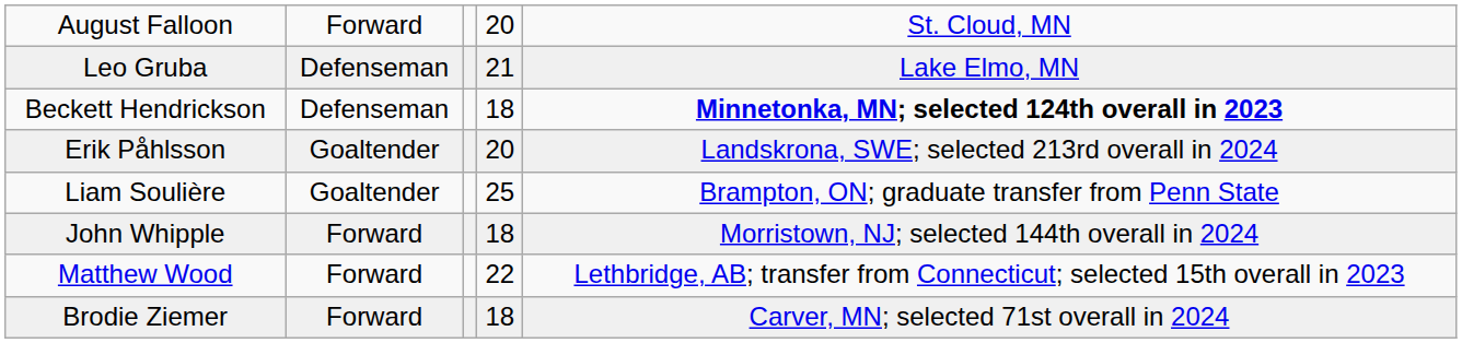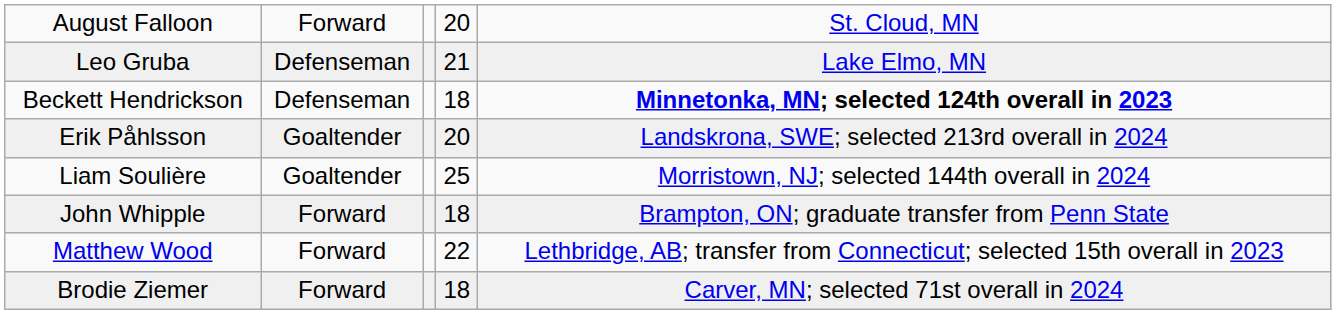 <table class="wikitable" width="70%">
 <tr align="center">
 <td>August Falloon</td>
 <td>Forward</td>
 <td></td>
 <td>20</td>
 <td><a href='#'>St. Cloud, MN</a></td>
 </tr>
 <tr align="center" bgcolor="f0f0f0">
 <td>Leo Gruba</td>
 <td>Defenseman</td>
 <td></td>
 <td>21</td>
 <td><a href='#'>Lake Elmo, MN</a></td>
 </tr>
 <tr align="center" bgcolor="">
 <td>Beckett Hendrickson</td>
 <td>Defenseman</td>
 <td></td>
 <td>18</td>
 <td><strong><a href='#'>Minnetonka, MN</a>; selected 124th overall in <a href='#'>2023</a></strong></td>
 </tr>
 <tr align="center" bgcolor="f0f0f0">
 <td>Erik Påhlsson</td>
 <td>Goaltender</td>
 <td></td>
 <td>20</td>
 <td><a href='#'>Landskrona, SWE</a>; selected 213rd overall in <a href='#'>2024</a></td>
 </tr>
 <tr align="center" bgcolor="">
 <td>Liam Soulière</td>
 <td>Goaltender</td>
 <td></td>
 <td>25</td>
-<td><a href='#'>Brampton, ON</a>; graduate transfer from <a href='#'>Penn State</a></td>
+<td><a href='#'>Morristown, NJ</a>; selected 144th overall in <a href='#'>2024</a></td>
 </tr>
 <tr align="center" bgcolor="f0f0f0">
 <td>John Whipple</td>
 <td>Forward</td>
 <td></td>
 <td>18</td>
-<td><a href='#'>Morristown, NJ</a>; selected 144th overall in <a href='#'>2024</a></td>
+<td><a href='#'>Brampton, ON</a>; graduate transfer from <a href='#'>Penn State</a></td>
 </tr>
 <tr align="center" bgcolor="">
 <td><a href='#'>Matthew Wood</a></td>
 <td>Forward</td>
 <td></td>
 <td>22</td>
 <td><a href='#'>Lethbridge, AB</a>; transfer from <a href='#'>Connecticut</a>; selected 15th overall in <a href='#'>2023</a></td>
 </tr>
 <tr align="center" bgcolor="f0f0f0">
 <td>Brodie Ziemer</td>
 <td>Forward</td>
 <td></td>
 <td>18</td>
 <td><a href='#'>Carver, MN</a>; selected 71st overall in <a href='#'>2024</a></td>
 </tr>
 </table>
